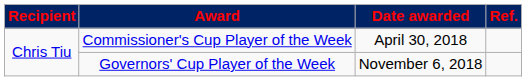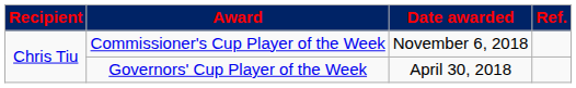 <table class="wikitable sortable sortable" style="text-align: center">
 <tr>
 <th style="background:#002366; color:#FE0003; ">Recipient</th>
 <th style="background:#002366; color:#FE0003; ">Award</th>
 <th style="background:#002366; color:#FE0003; ">Date awarded</th>
 <th style="background:#002366; color:#FE0003; ">Ref.</th>
 </tr>
 <tr>
 <td rowspan=2><a href='#'>Chris Tiu</a></td>
 <td><a href='#'>Commissioner's Cup Player of the Week</a></td>
-<td>April 30, 2018</td>
+<td>November 6, 2018</td>
 <td></td>
 </tr>
 <tr>
 <td><a href='#'>Governors' Cup Player of the Week</a></td>
-<td>November 6, 2018</td>
+<td>April 30, 2018</td>
 <td></td>
 </tr>
 </table>
